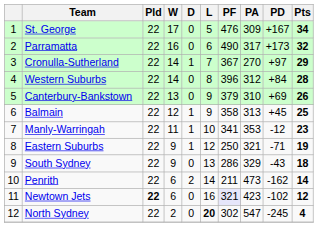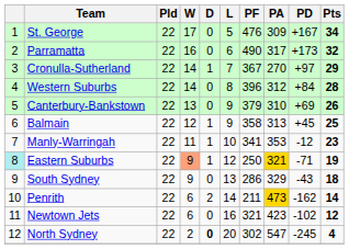 <table class="wikitable" style="text-align:center;">
 <tr>
 <th width=20 abbr="Position×"></th>
 <th width=175>Team</th>
 <th width=20 abbr="Played">Pld</th>
 <th width=20 abbr="Won">W</th>
 <th width=20 abbr="Drawn">D</th>
 <th width=20 abbr="Lost">L</th>
 <th width=20 abbr="Points for">PF</th>
 <th width=20 abbr="Points against">PA</th>
 <th width=20 abbr="Points difference">PD</th>
 <th width=20 abbr="Points">Pts</th>
 </tr>
 <tr style="background: #ccffcc;">
 <td>1</td>
 <td style="text-align:left;"> <a href='#'>St. George</a></td>
 <td>22</td>
 <td>17</td>
 <td>0</td>
 <td>5</td>
 <td>476</td>
 <td>309</td>
 <td>+167</td>
 <td><strong>34</strong></td>
 </tr>
 <tr style="background: #ccffcc;">
 <td>2</td>
 <td style="text-align:left;"> <a href='#'>Parramatta</a></td>
 <td>22</td>
 <td>16</td>
 <td>0</td>
 <td>6</td>
 <td>490</td>
 <td>317</td>
 <td>+173</td>
 <td><strong>32</strong></td>
 </tr>
 <tr style="background: #ccffcc;">
 <td>3</td>
 <td style="text-align:left;"> <a href='#'>Cronulla-Sutherland</a></td>
 <td>22</td>
 <td>14</td>
 <td>1</td>
 <td>7</td>
 <td>367</td>
 <td>270</td>
 <td>+97</td>
 <td><strong>29</strong></td>
 </tr>
 <tr style="background: #ccffcc;">
 <td>4</td>
 <td style="text-align:left;"> <a href='#'>Western Suburbs</a></td>
 <td>22</td>
 <td>14</td>
 <td>0</td>
 <td>8</td>
 <td>396</td>
 <td>312</td>
 <td>+84</td>
 <td><strong>28</strong></td>
 </tr>
 <tr style="background: #ccffcc;">
 <td>5</td>
 <td style="text-align:left;"> <a href='#'>Canterbury-Bankstown</a></td>
 <td>22</td>
 <td>13</td>
 <td>0</td>
 <td>9</td>
 <td>379</td>
 <td>310</td>
 <td>+69</td>
 <td><strong>26</strong></td>
 </tr>
 <tr>
 <td>6</td>
 <td style="text-align:left;"> <a href='#'>Balmain</a></td>
 <td>22</td>
 <td>12</td>
 <td>1</td>
 <td>9</td>
 <td>358</td>
 <td>313</td>
 <td>+45</td>
 <td><strong>25</strong></td>
 </tr>
 <tr>
 <td>7</td>
 <td style="text-align:left;"> <a href='#'>Manly-Warringah</a></td>
 <td>22</td>
 <td>11</td>
 <td>1</td>
 <td>10</td>
 <td>341</td>
 <td>353</td>
 <td>-12</td>
 <td><strong>23</strong></td>
 </tr>
 <tr>
-<td>8</td>
+<td style="background: paleturquoise;">8</td>
 <td style="text-align:left;"> <a href='#'>Eastern Suburbs</a></td>
 <td>22</td>
-<td>9</td>
+<td style="background: lightsalmon;">9</td>
 <td>1</td>
 <td>12</td>
 <td>250</td>
-<td>321</td>
+<td style="background: gold;">321</td>
 <td>-71</td>
 <td><strong>19</strong></td>
 </tr>
 <tr>
 <td>9</td>
 <td style="text-align:left;"> <a href='#'>South Sydney</a></td>
 <td>22</td>
 <td>9</td>
 <td>0</td>
 <td>13</td>
 <td>286</td>
 <td>329</td>
 <td>-43</td>
 <td><strong>18</strong></td>
 </tr>
 <tr>
 <td>10</td>
 <td style="text-align:left;"> <a href='#'>Penrith</a></td>
 <td>22</td>
 <td>6</td>
 <td>2</td>
 <td>14</td>
 <td>211</td>
-<td>473</td>
+<td style="background: gold;">473</td>
 <td>-162</td>
 <td><strong>14</strong></td>
 </tr>
 <tr>
 <td>11</td>
 <td style="text-align:left;"> <a href='#'>Newtown Jets</a></td>
-<td><strong>22</strong></td>
+<td>22</td>
 <td>6</td>
 <td>0</td>
 <td>16</td>
-<td style="background: lavender;">321</td>
+<td>321</td>
 <td>423</td>
 <td>-102</td>
 <td><strong>12</strong></td>
 </tr>
 <tr>
 <td>12</td>
 <td style="text-align:left;"> <a href='#'>North Sydney</a></td>
 <td>22</td>
 <td>2</td>
-<td>0</td>
-<td><strong>20</strong></td>
+<td><strong>0</strong></td>
+<td>20</td>
 <td>302</td>
 <td>547</td>
 <td>-245</td>
 <td><strong>4</strong></td>
 </tr>
 <tr>
 </tr>
 </table>
